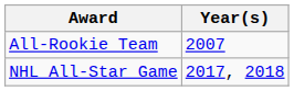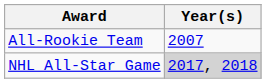 <table class="wikitable">
 <tr>
 <th>Award</th>
 <th>Year(s)</th>
 </tr>
 <tr>
 <td><a href='#'>All-Rookie Team</a></td>
 <td><a href='#'>2007</a></td>
 </tr>
 <tr>
 <td><a href='#'>NHL All-Star Game</a></td>
-<td><a href='#'>2017</a>, <a href='#'>2018</a></td>
+<td style="background: lightgrey;"><a href='#'>2017</a>, <a href='#'>2018</a></td>
 </tr>
 </table>
